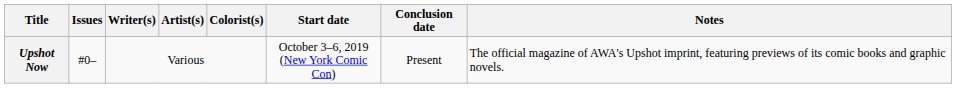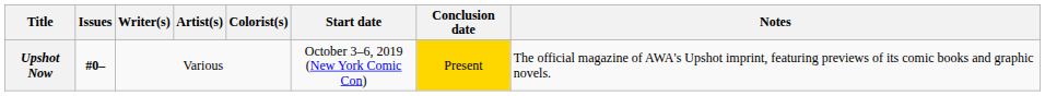 <table class="wikitable sortable collapsible" style="margin:1em auto 1em auto;">
 <tr>
 <th scope="col">Title</th>
 <th scope="col">Issues</th>
 <th scope="col">Writer(s)</th>
 <th scope="col">Artist(s)</th>
 <th scope="col">Colorist(s)</th>
 <th scope="col">Start date</th>
 <th scope="col">Conclusion date</th>
 <th scope="col">Notes</th>
 </tr>
 <tr>
 <th scope="row"><em>Upshot Now</em></th>
-<td align="center">#0–</td>
+<td align="center"><strong>#0–</strong></td>
 <td colspan="3" align="center">Various</td>
 <td align="center">October 3–6, 2019 <br> (<a href='#'>New York Comic Con</a>)</td>
-<td align="center">Present</td>
+<td align="center" style="background: gold;">Present</td>
 <td>The official magazine of AWA's Upshot imprint, featuring previews of its comic books and graphic novels.</td>
 </tr>
 </table>
